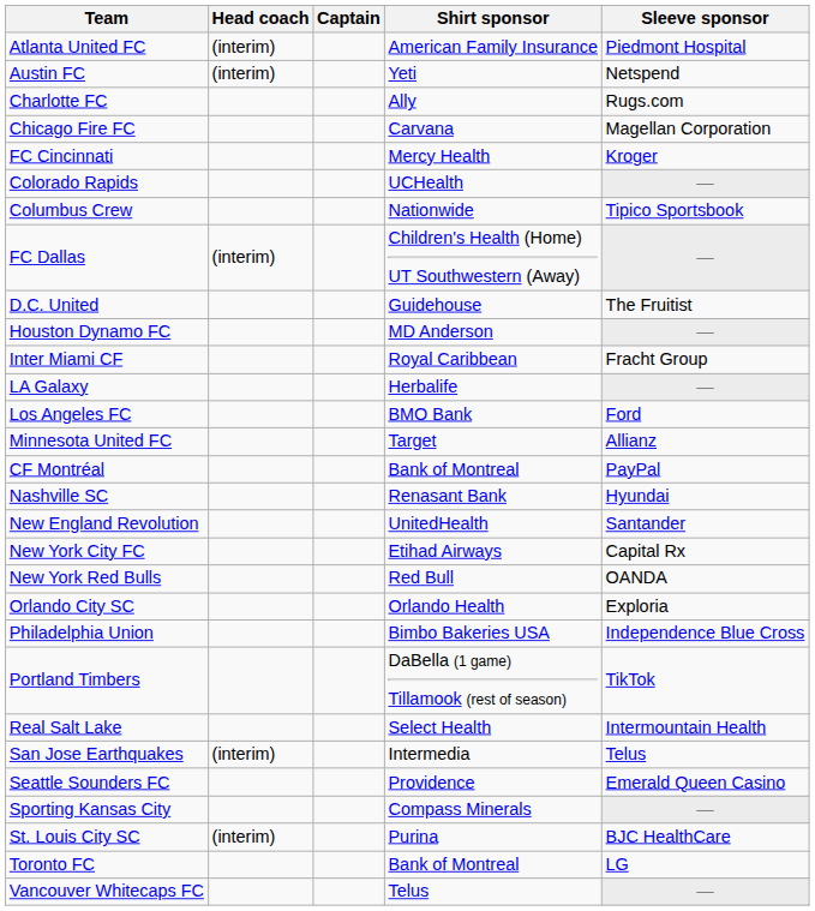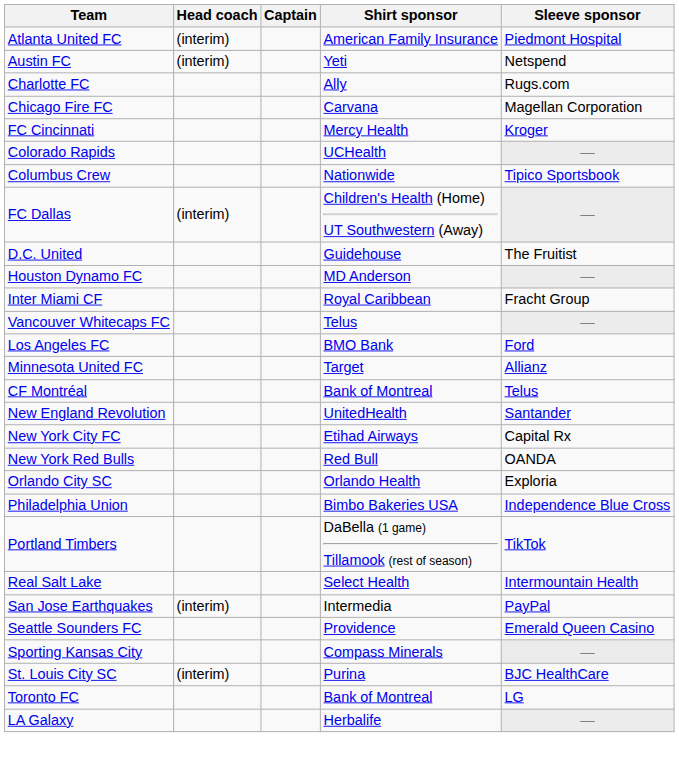 <table class="wikitable sortable" style="text-align: left;">
 <tr>
 <th>Team</th>
 <th>Head coach</th>
 <th>Captain</th>
 <th>Shirt sponsor</th>
 <th>Sleeve sponsor</th>
 </tr>
 <tr>
 <td><a href='#'>Atlanta United FC</a></td>
 <td>  (interim)</td>
 <td> </td>
 <td><a href='#'>American Family Insurance</a></td>
 <td><a href='#'>Piedmont Hospital</a></td>
 </tr>
 <tr>
 <td><a href='#'>Austin FC</a></td>
 <td>  (interim)</td>
 <td> </td>
 <td><a href='#'>Yeti</a></td>
 <td>Netspend</td>
 </tr>
 <tr>
 <td><a href='#'>Charlotte FC</a></td>
 <td> </td>
 <td> </td>
 <td><a href='#'>Ally</a></td>
 <td>Rugs.com</td>
 </tr>
 <tr>
 <td><a href='#'>Chicago Fire FC</a></td>
 <td> </td>
 <td> </td>
 <td><a href='#'>Carvana</a></td>
 <td>Magellan Corporation</td>
 </tr>
 <tr>
 <td><a href='#'>FC Cincinnati</a></td>
 <td> </td>
 <td> </td>
 <td><a href='#'>Mercy Health</a></td>
 <td><a href='#'>Kroger</a></td>
 </tr>
 <tr>
 <td><a href='#'>Colorado Rapids</a></td>
 <td> </td>
 <td> </td>
 <td><a href='#'>UCHealth</a></td>
 <td align="center" colspan="1" style="background:#ececec; color:gray">—</td>
 </tr>
 <tr>
 <td><a href='#'>Columbus Crew</a></td>
 <td> </td>
 <td> </td>
 <td><a href='#'>Nationwide</a></td>
 <td><a href='#'>Tipico Sportsbook</a></td>
 </tr>
 <tr>
 <td><a href='#'>FC Dallas</a></td>
 <td>  (interim)</td>
 <td> </td>
 <td><a href='#'>Children's Health</a> (Home) <hr> <a href='#'>UT Southwestern</a> (Away)</td>
 <td align="center" colspan="1" style="background:#ececec; color:gray">—</td>
 </tr>
 <tr>
 <td><a href='#'>D.C. United</a></td>
 <td> </td>
 <td> </td>
 <td><a href='#'>Guidehouse</a></td>
 <td>The Fruitist</td>
 </tr>
 <tr>
 <td><a href='#'>Houston Dynamo FC</a></td>
 <td> </td>
 <td> </td>
 <td><a href='#'>MD Anderson</a></td>
 <td align="center" colspan="1" style="background:#ececec; color:gray">—</td>
 </tr>
 <tr>
 <td><a href='#'>Inter Miami CF</a></td>
 <td> </td>
 <td> </td>
 <td><a href='#'>Royal Caribbean</a></td>
 <td>Fracht Group</td>
 </tr>
 <tr>
-<td><a href='#'>LA Galaxy</a></td>
+<td><a href='#'>Vancouver Whitecaps FC</a></td>
 <td> </td>
 <td> </td>
-<td><a href='#'>Herbalife</a></td>
+<td><a href='#'>Telus</a></td>
 <td align="center" colspan="1" style="background:#ececec; color:gray">—</td>
 </tr>
 <tr>
 <td><a href='#'>Los Angeles FC</a></td>
 <td> </td>
 <td> </td>
 <td><a href='#'>BMO Bank</a></td>
 <td><a href='#'>Ford</a></td>
 </tr>
 <tr>
 <td><a href='#'>Minnesota United FC</a></td>
 <td> </td>
 <td> </td>
 <td><a href='#'>Target</a></td>
 <td><a href='#'>Allianz</a></td>
 </tr>
 <tr>
 <td><a href='#'>CF Montréal</a></td>
 <td> </td>
 <td> </td>
 <td><a href='#'>Bank of Montreal</a></td>
-<td><a href='#'>PayPal</a></td>
-</tr>
-<tr>
-<td><a href='#'>Nashville SC</a></td>
-<td> </td>
-<td> </td>
-<td><a href='#'>Renasant Bank</a></td>
-<td><a href='#'>Hyundai</a></td>
+<td><a href='#'>Telus</a></td>
 </tr>
 <tr>
 <td><a href='#'>New England Revolution</a></td>
 <td> </td>
 <td> </td>
 <td><a href='#'>UnitedHealth</a></td>
 <td><a href='#'>Santander</a></td>
 </tr>
 <tr>
 <td><a href='#'>New York City FC</a></td>
 <td> </td>
 <td> </td>
 <td><a href='#'>Etihad Airways</a></td>
 <td>Capital Rx</td>
 </tr>
 <tr>
 <td><a href='#'>New York Red Bulls</a></td>
 <td> </td>
 <td> </td>
 <td><a href='#'>Red Bull</a></td>
 <td>OANDA</td>
 </tr>
 <tr>
 <td><a href='#'>Orlando City SC</a></td>
 <td> </td>
 <td> </td>
 <td><a href='#'>Orlando Health</a></td>
 <td>Exploria</td>
 </tr>
 <tr>
 <td><a href='#'>Philadelphia Union</a></td>
 <td> </td>
 <td> </td>
 <td><a href='#'>Bimbo Bakeries USA</a></td>
 <td><a href='#'>Independence Blue Cross</a></td>
 </tr>
 <tr>
 <td><a href='#'>Portland Timbers</a></td>
 <td> </td>
 <td> </td>
 <td>DaBella <small>(1 game)</small><hr><a href='#'>Tillamook</a> <small>(rest of season)</small></td>
 <td><a href='#'>TikTok</a></td>
 </tr>
 <tr>
 <td><a href='#'>Real Salt Lake</a></td>
 <td> </td>
 <td> </td>
 <td><a href='#'>Select Health</a></td>
 <td><a href='#'>Intermountain Health</a></td>
 </tr>
 <tr>
 <td><a href='#'>San Jose Earthquakes</a></td>
 <td>  (interim)</td>
 <td> </td>
 <td>Intermedia</td>
-<td><a href='#'>Telus</a></td>
+<td><a href='#'>PayPal</a></td>
 </tr>
 <tr>
 <td><a href='#'>Seattle Sounders FC</a></td>
 <td> </td>
 <td> </td>
 <td><a href='#'>Providence</a></td>
 <td><a href='#'>Emerald Queen Casino</a></td>
 </tr>
 <tr>
 <td><a href='#'>Sporting Kansas City</a></td>
 <td> </td>
 <td> </td>
 <td><a href='#'>Compass Minerals</a></td>
 <td align="center" colspan="1" style="background:#ececec; color:gray">—</td>
 </tr>
 <tr>
 <td><a href='#'>St. Louis City SC</a></td>
 <td>  (interim)</td>
 <td> </td>
 <td><a href='#'>Purina</a></td>
 <td><a href='#'>BJC HealthCare</a></td>
 </tr>
 <tr>
 <td><a href='#'>Toronto FC</a></td>
 <td> </td>
 <td> </td>
 <td><a href='#'>Bank of Montreal</a></td>
 <td><a href='#'>LG</a></td>
 </tr>
 <tr>
-<td><a href='#'>Vancouver Whitecaps FC</a></td>
+<td><a href='#'>LA Galaxy</a></td>
 <td> </td>
 <td> </td>
-<td><a href='#'>Telus</a></td>
+<td><a href='#'>Herbalife</a></td>
 <td align="center" colspan="1" style="background:#ececec; color:gray">—</td>
 </tr>
 </table>
